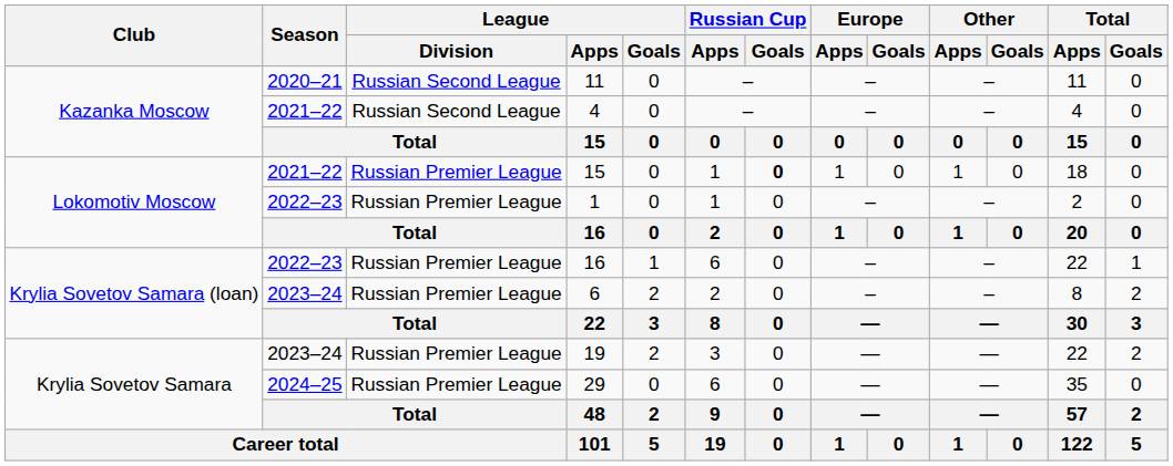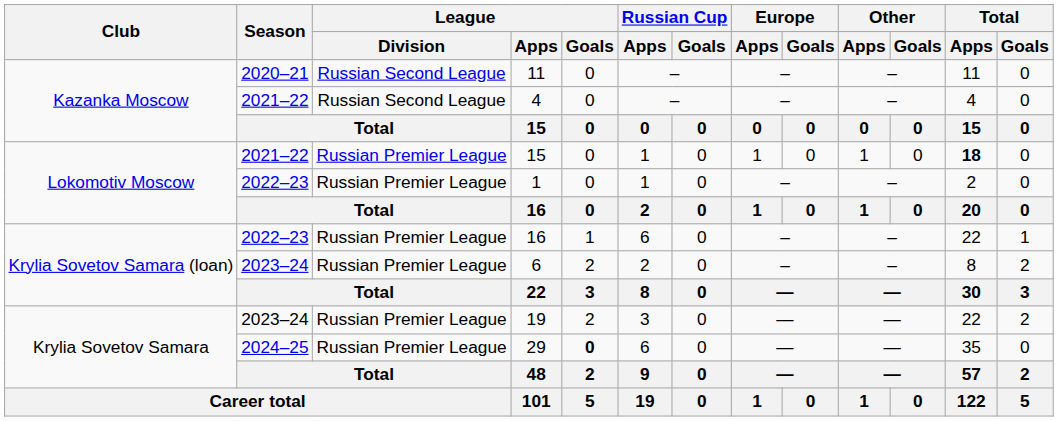 <table class="wikitable" style="text-align: center;">
 <tr>
 <th rowspan="2">Club</th>
 <th rowspan="2">Season</th>
 <th colspan="3">League</th>
 <th colspan="2"><a href='#'>Russian Cup</a></th>
 <th colspan="2">Europe</th>
 <th colspan="2">Other</th>
 <th colspan="2">Total</th>
 </tr>
 <tr>
 <th>Division</th>
 <th>Apps</th>
 <th>Goals</th>
 <th>Apps</th>
 <th>Goals</th>
 <th>Apps</th>
 <th>Goals</th>
 <th>Apps</th>
 <th>Goals</th>
 <th>Apps</th>
 <th>Goals</th>
 </tr>
 <tr>
 <td rowspan="3"><a href='#'>Kazanka Moscow</a></td>
 <td><a href='#'>2020–21</a></td>
 <td><a href='#'>Russian Second League</a></td>
 <td>11</td>
 <td>0</td>
 <td colspan=2>–</td>
 <td colspan=2>–</td>
 <td colspan=2>–</td>
 <td>11</td>
 <td>0</td>
 </tr>
 <tr>
 <td><a href='#'>2021–22</a></td>
 <td>Russian Second League</td>
 <td>4</td>
 <td>0</td>
 <td colspan=2>–</td>
 <td colspan=2>–</td>
 <td colspan=2>–</td>
 <td>4</td>
 <td>0</td>
 </tr>
 <tr>
 <th colspan=2>Total</th>
 <th>15</th>
 <th>0</th>
 <th>0</th>
 <th>0</th>
 <th>0</th>
 <th>0</th>
 <th>0</th>
 <th>0</th>
 <th>15</th>
 <th>0</th>
 </tr>
 <tr>
 <td rowspan="3"><a href='#'>Lokomotiv Moscow</a></td>
 <td><a href='#'>2021–22</a></td>
 <td><a href='#'>Russian Premier League</a></td>
 <td>15</td>
 <td>0</td>
 <td>1</td>
-<td><strong>0</strong></td>
+<td>0</td>
 <td>1</td>
 <td>0</td>
 <td>1</td>
 <td>0</td>
-<td>18</td>
+<td><strong>18</strong></td>
 <td>0</td>
 </tr>
 <tr>
 <td><a href='#'>2022–23</a></td>
 <td>Russian Premier League</td>
 <td>1</td>
 <td>0</td>
 <td>1</td>
 <td>0</td>
 <td colspan=2>–</td>
 <td colspan=2>–</td>
 <td>2</td>
 <td>0</td>
 </tr>
 <tr>
 <th colspan=2>Total</th>
 <th>16</th>
 <th>0</th>
 <th>2</th>
 <th>0</th>
 <th>1</th>
 <th>0</th>
 <th>1</th>
 <th>0</th>
 <th>20</th>
 <th>0</th>
 </tr>
 <tr>
 <td rowspan="3"><a href='#'>Krylia Sovetov Samara</a> (loan)</td>
 <td><a href='#'>2022–23</a></td>
 <td>Russian Premier League</td>
 <td>16</td>
 <td>1</td>
 <td>6</td>
 <td>0</td>
 <td colspan=2>–</td>
 <td colspan=2>–</td>
 <td>22</td>
 <td>1</td>
 </tr>
 <tr>
 <td><a href='#'>2023–24</a></td>
 <td>Russian Premier League</td>
 <td>6</td>
 <td>2</td>
 <td>2</td>
 <td>0</td>
 <td colspan=2>–</td>
 <td colspan=2>–</td>
 <td>8</td>
 <td>2</td>
 </tr>
 <tr>
 <th colspan="2">Total</th>
 <th>22</th>
 <th>3</th>
 <th>8</th>
 <th>0</th>
 <th colspan="2">—</th>
 <th colspan="2">—</th>
 <th>30</th>
 <th>3</th>
 </tr>
 <tr>
 <td rowspan="3">Krylia Sovetov Samara</td>
 <td>2023–24</td>
 <td>Russian Premier League</td>
 <td>19</td>
 <td>2</td>
 <td>3</td>
 <td>0</td>
 <td colspan="2">—</td>
 <td colspan="2">—</td>
 <td>22</td>
 <td>2</td>
 </tr>
 <tr>
 <td><a href='#'>2024–25</a></td>
 <td>Russian Premier League</td>
 <td>29</td>
-<td>0</td>
+<td><strong>0</strong></td>
 <td>6</td>
 <td>0</td>
 <td colspan="2">—</td>
 <td colspan="2">—</td>
 <td>35</td>
 <td>0</td>
 </tr>
 <tr>
 <th colspan="2">Total</th>
 <th>48</th>
 <th>2</th>
 <th>9</th>
 <th>0</th>
 <th colspan="2">—</th>
 <th colspan="2">—</th>
 <th>57</th>
 <th>2</th>
 </tr>
 <tr>
 <th colspan="3">Career total</th>
 <th>101</th>
 <th>5</th>
 <th>19</th>
 <th>0</th>
 <th>1</th>
 <th>0</th>
 <th>1</th>
 <th>0</th>
 <th>122</th>
 <th>5</th>
 </tr>
 </table>
